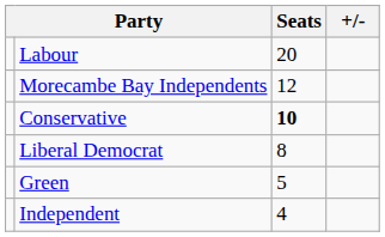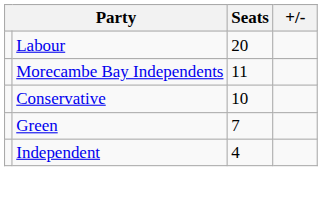 <table class="wikitable">
 <tr>
 <th colspan="2">Party</th>
 <th>Seats</th>
 <th>  +/-  </th>
 </tr>
 <tr>
 <td style="background-color: "></td>
 <td><a href='#'>Labour</a></td>
 <td>20</td>
 <td></td>
 </tr>
 <tr>
 <td style="background-color: "></td>
 <td><a href='#'>Morecambe Bay Independents</a></td>
-<td>12</td>
+<td>11</td>
 <td></td>
 </tr>
 <tr>
 <td style="background-color: "></td>
 <td><a href='#'>Conservative</a></td>
-<td><strong>10</strong></td>
-<td></td>
-</tr>
-<tr>
-<td style="background-color: "></td>
-<td><a href='#'>Liberal Democrat</a></td>
-<td>8</td>
+<td>10</td>
 <td></td>
 </tr>
 <tr>
 <td style="background-color: "></td>
 <td><a href='#'>Green</a></td>
-<td>5</td>
+<td>7</td>
 <td></td>
 </tr>
 <tr>
 <td style="background-color: "></td>
 <td><a href='#'>Independent</a></td>
 <td>4</td>
 <td></td>
 </tr>
 </table>
